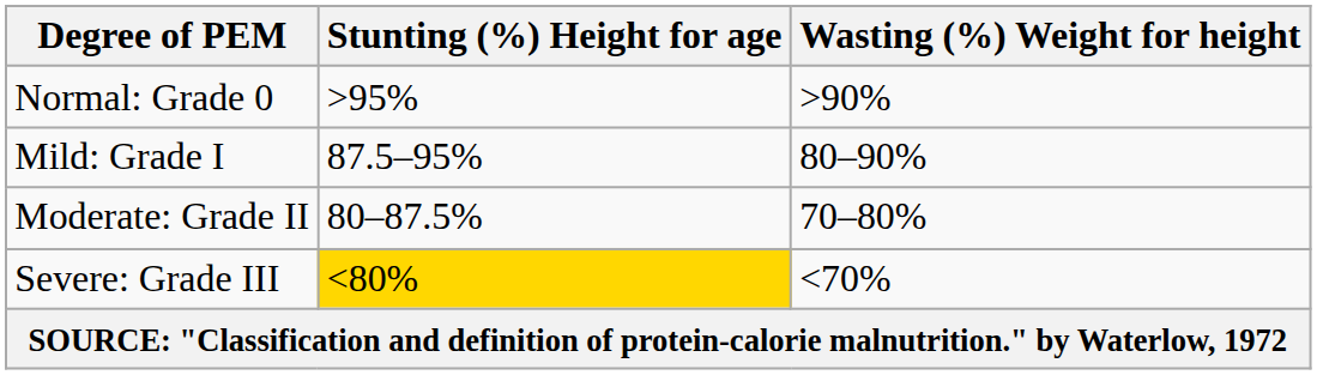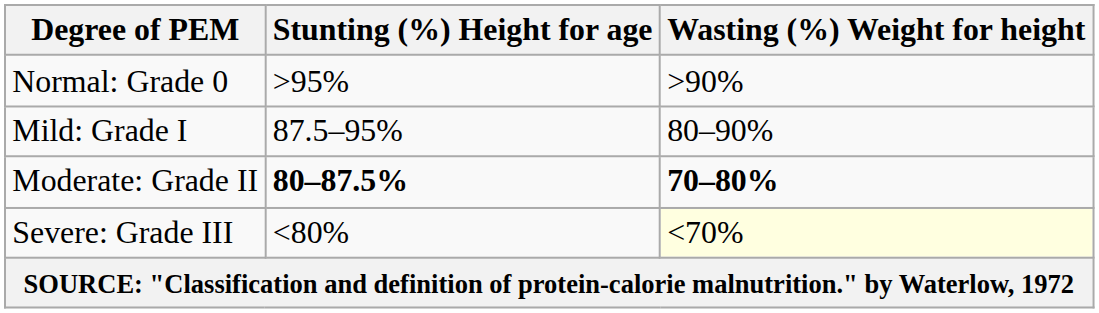 <table class="wikitable">
 <tr>
 <th>Degree of PEM</th>
 <th>Stunting (%) Height for age</th>
 <th>Wasting (%) Weight for height</th>
 </tr>
 <tr>
 <td>Normal: Grade 0</td>
 <td>>95%</td>
 <td>>90%</td>
 </tr>
 <tr>
 <td>Mild: Grade I</td>
 <td>87.5–95%</td>
 <td>80–90%</td>
 </tr>
 <tr>
 <td>Moderate: Grade II</td>
-<td>80–87.5%</td>
-<td>70–80%</td>
+<td><strong>80–87.5%</strong></td>
+<td><strong>70–80%</strong></td>
 </tr>
 <tr>
 <td>Severe: Grade III</td>
-<td style="background: gold;"><80%</td>
-<td><70%</td>
+<td><80%</td>
+<td style="background: lightyellow;"><70%</td>
 </tr>
 <tr>
 <th colspan=16><small>SOURCE: "Classification and definition of protein-calorie malnutrition." by Waterlow, 1972</small></th>
 </tr>
 </table>
